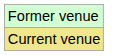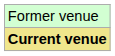 <table class=wikitable style="font-size:95%">
 <tr style="background:#D2FFD2;">
 <td>Former venue</td>
 </tr>
 <tr style="background:#f0e68c;">
-<td>Current venue</td>
+<td><strong>Current venue</strong></td>
 </tr>
 </table>
